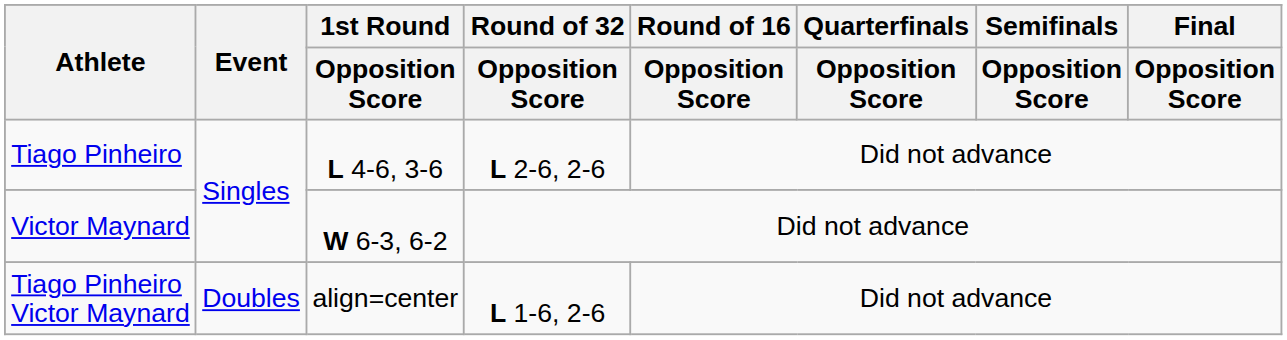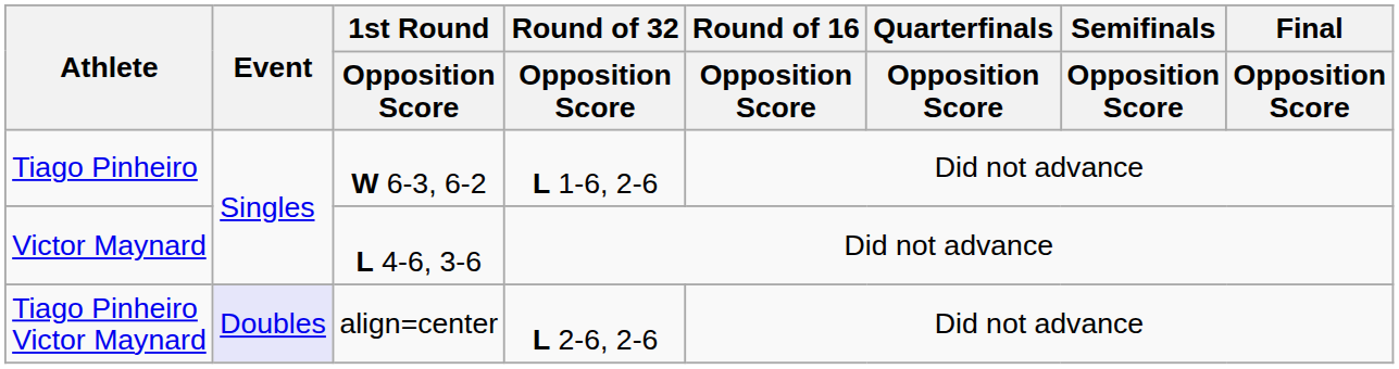 <table class="wikitable" border="1" style="font-size:90%">
 <tr>
 <th rowspan=2>Athlete</th>
 <th rowspan=2>Event</th>
 <th>1st Round</th>
 <th>Round of 32</th>
 <th>Round of 16</th>
 <th>Quarterfinals</th>
 <th>Semifinals</th>
 <th colspan=2>Final</th>
 </tr>
 <tr>
 <th>Opposition<br>Score</th>
 <th>Opposition<br>Score</th>
 <th>Opposition<br>Score</th>
 <th>Opposition<br>Score</th>
 <th>Opposition<br>Score</th>
 <th>Opposition<br>Score</th>
 </tr>
 <tr>
 <td><a href='#'>Tiago Pinheiro</a></td>
 <td rowspan=2><a href='#'>Singles</a></td>
-<td align=center><br><strong>L</strong> 4-6, 3-6</td>
-<td align=center><br><strong>L</strong> 2-6, 2-6</td>
+<td align=center><br><strong>W</strong> 6-3, 6-2</td>
+<td align=center><br><strong>L</strong> 1-6, 2-6</td>
 <td align=center colspan=4>Did not advance</td>
 </tr>
 <tr>
 <td><a href='#'>Victor Maynard</a></td>
-<td align=center><br><strong>W</strong> 6-3, 6-2</td>
+<td align=center><br><strong>L</strong> 4-6, 3-6</td>
 <td align=center colspan=5>Did not advance</td>
 </tr>
 <tr>
 <td><a href='#'>Tiago Pinheiro</a><br><a href='#'>Victor Maynard</a></td>
-<td><a href='#'>Doubles</a></td>
+<td style="background: lavender;"><a href='#'>Doubles</a></td>
 <td>align=center </td>
-<td align=center><br><strong>L</strong> 1-6, 2-6</td>
+<td align=center><br><strong>L</strong> 2-6, 2-6</td>
 <td align=center colspan=4>Did not advance</td>
 </tr>
 </table>
